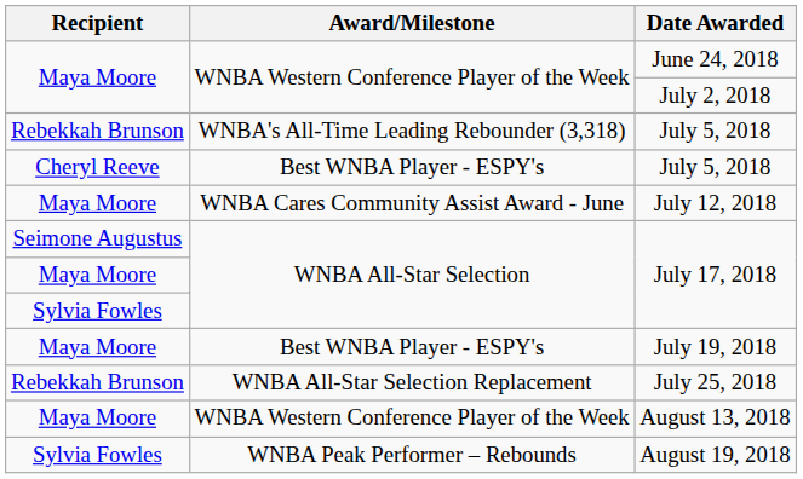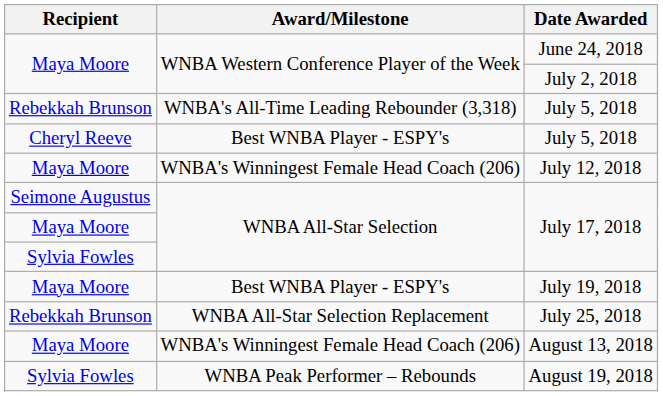 <table class="wikitable sortable sortable" style="text-align: center">
 <tr>
 <th>Recipient</th>
 <th>Award/Milestone</th>
 <th>Date Awarded</th>
 </tr>
 <tr>
 <td rowspan="2"><a href='#'>Maya Moore</a></td>
 <td rowspan="2">WNBA Western Conference Player of the Week</td>
 <td>June 24, 2018</td>
 </tr>
 <tr>
 <td>July 2, 2018 </td>
 </tr>
 <tr>
 <td><a href='#'>Rebekkah Brunson</a></td>
 <td>WNBA's All-Time Leading Rebounder (3,318)</td>
 <td>July 5, 2018 </td>
 </tr>
 <tr>
 <td><a href='#'>Cheryl Reeve</a></td>
 <td>Best WNBA Player - ESPY's</td>
 <td>July 5, 2018 </td>
 </tr>
 <tr>
 <td><a href='#'>Maya Moore</a></td>
-<td>WNBA Cares Community Assist Award - June</td>
+<td>WNBA's Winningest Female Head Coach (206)</td>
 <td>July 12, 2018 </td>
 </tr>
 <tr>
 <td><a href='#'>Seimone Augustus</a></td>
 <td rowspan="3">WNBA All-Star Selection</td>
 <td rowspan="3">July 17, 2018 </td>
 </tr>
 <tr>
 <td><a href='#'>Maya Moore</a></td>
 </tr>
 <tr>
 <td><a href='#'>Sylvia Fowles</a></td>
 </tr>
 <tr>
 <td><a href='#'>Maya Moore</a></td>
 <td>Best WNBA Player - ESPY's</td>
 <td>July 19, 2018 </td>
 </tr>
 <tr>
 <td><a href='#'>Rebekkah Brunson</a></td>
 <td>WNBA All-Star Selection Replacement</td>
 <td>July 25, 2018 </td>
 </tr>
 <tr>
 <td><a href='#'>Maya Moore</a></td>
-<td>WNBA Western Conference Player of the Week</td>
+<td>WNBA's Winningest Female Head Coach (206)</td>
 <td>August 13, 2018</td>
 </tr>
 <tr>
 <td><a href='#'>Sylvia Fowles</a></td>
 <td>WNBA Peak Performer – Rebounds</td>
 <td>August 19, 2018</td>
 </tr>
 </table>
